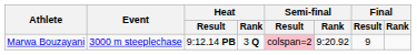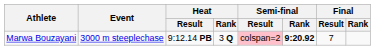 <table class="wikitable" style="font-size:90%">
 <tr>
 <th rowspan="2">Athlete</th>
 <th rowspan="2">Event</th>
 <th colspan="2">Heat</th>
 <th colspan="2">Semi-final</th>
 <th colspan="2">Final</th>
 </tr>
 <tr style="font-size:95%">
 <th>Result</th>
 <th>Rank</th>
 <th>Result</th>
 <th>Rank</th>
 <th>Result</th>
 <th>Rank</th>
 </tr>
 <tr align=center>
 <td align=left><a href='#'>Marwa Bouzayani</a></td>
 <td align=left><a href='#'>3000 m steeplechase</a></td>
 <td>9:12.14 <strong>PB</strong></td>
 <td>3 <strong>Q</strong></td>
 <td style="background: pink;">colspan=2</td>
-<td>9:20.92</td>
-<td>9</td>
+<td><strong>9:20.92</strong></td>
+<td>7</td>
 </tr>
 </table>
